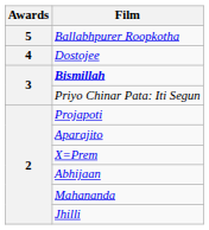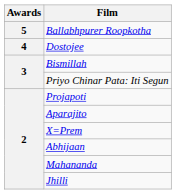 <table class="wikitable" style="display:inline-table;">
 <tr>
 <th>Awards</th>
 <th>Film</th>
 </tr>
 <tr>
 <th>5</th>
 <td><em><a href='#'>Ballabhpurer Roopkotha</a></em></td>
 </tr>
 <tr>
 <th>4</th>
 <td><em><a href='#'>Dostojee</a></em></td>
 </tr>
 <tr>
 <th rowspan="2">3</th>
-<td><strong><em><a href='#'>Bismillah</a></em></strong></td>
+<td><em><a href='#'>Bismillah</a></em></td>
 </tr>
 <tr>
 <td><em>Priyo Chinar Pata: Iti Segun</em></td>
 </tr>
 <tr>
 <th rowspan="6">2</th>
 <td><em><a href='#'>Projapoti</a></em></td>
 </tr>
 <tr>
 <td><em><a href='#'>Aparajito</a></em></td>
 </tr>
 <tr>
 <td><em><a href='#'>X=Prem</a></em></td>
 </tr>
 <tr>
 <td><em><a href='#'>Abhijaan</a></em></td>
 </tr>
 <tr>
 <td><em><a href='#'>Mahananda</a></em></td>
 </tr>
 <tr>
 <td><em><a href='#'>Jhilli</a></em></td>
 </tr>
 </table>
